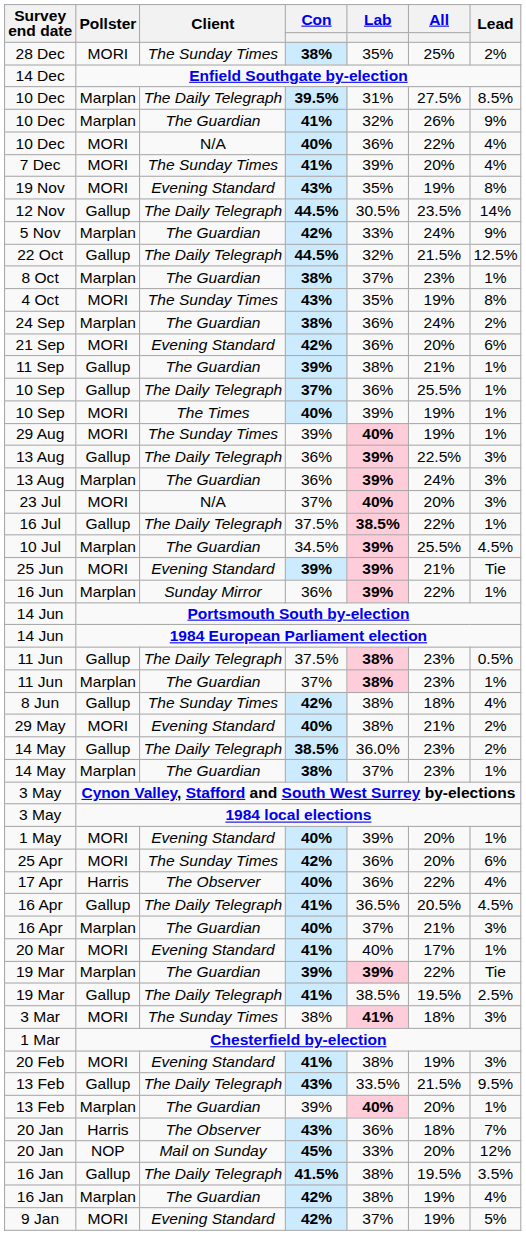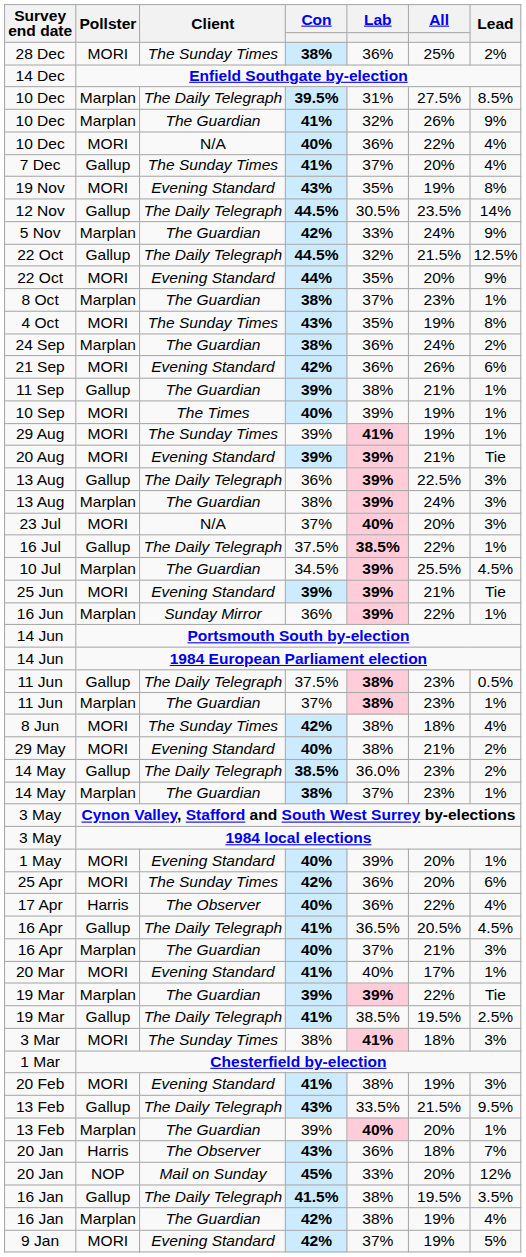 <table class="wikitable sortable mw-datatable" style="text-align:center;font-size:90%;line-height:14px;">
 <tr>
 <th rowspan="2">Survey<br>end date</th>
 <th rowspan="2">Pollster</th>
 <th rowspan="2">Client</th>
 <th class="unsortable" style="width:50px;"><a href='#'>Con</a></th>
 <th class="unsortable" style="width:50px;"><a href='#'>Lab</a></th>
 <th class="unsortable" style="width:50px;"><a href='#'>All</a></th>
 <th rowspan="2">Lead</th>
 </tr>
 <tr>
 <th style="background:"></th>
 <th style="background:"></th>
 <th style="background:"></th>
 </tr>
 <tr>
 <td>28 Dec</td>
 <td>MORI</td>
 <td><em>The Sunday Times</em></td>
 <td style="background:#CCEBFF;"><strong>38%</strong></td>
-<td>35%</td>
+<td>36%</td>
 <td>25%</td>
 <td style="background:">2%</td>
 </tr>
 <tr>
 <td>14 Dec</td>
 <td colspan="6"><a href='#'><strong>Enfield Southgate by-election</strong></a></td>
 </tr>
 <tr>
 <td>10 Dec</td>
 <td>Marplan</td>
 <td><em>The Daily Telegraph</em></td>
 <td style="background:#CCEBFF;"><strong>39.5%</strong></td>
 <td>31%</td>
 <td>27.5%</td>
 <td style="background:">8.5%</td>
 </tr>
 <tr>
 <td>10 Dec</td>
 <td>Marplan</td>
 <td><em>The Guardian</em></td>
 <td style="background:#CCEBFF;"><strong>41%</strong></td>
 <td>32%</td>
 <td>26%</td>
 <td style="background:">9%</td>
 </tr>
 <tr>
 <td>10 Dec</td>
 <td>MORI</td>
 <td>N/A</td>
 <td style="background:#CCEBFF;"><strong>40%</strong></td>
 <td>36%</td>
 <td>22%</td>
 <td style="background:">4%</td>
 </tr>
 <tr>
 <td>7 Dec</td>
-<td>MORI</td>
+<td>Gallup</td>
 <td><em>The Sunday Times</em></td>
 <td style="background:#CCEBFF;"><strong>41%</strong></td>
-<td>39%</td>
+<td>37%</td>
 <td>20%</td>
 <td style="background:">4%</td>
 </tr>
 <tr>
 <td>19 Nov</td>
 <td>MORI</td>
 <td><em>Evening Standard</em></td>
 <td style="background:#CCEBFF;"><strong>43%</strong></td>
 <td>35%</td>
 <td>19%</td>
 <td style="background:">8%</td>
 </tr>
 <tr>
 <td>12 Nov</td>
 <td>Gallup</td>
 <td><em>The Daily Telegraph</em></td>
 <td style="background:#CCEBFF;"><strong>44.5%</strong></td>
 <td>30.5%</td>
 <td>23.5%</td>
 <td style="background:">14%</td>
 </tr>
 <tr>
 <td>5 Nov</td>
 <td>Marplan</td>
 <td><em>The Guardian</em></td>
 <td style="background:#CCEBFF;"><strong>42%</strong></td>
 <td>33%</td>
 <td>24%</td>
 <td style="background:">9%</td>
 </tr>
 <tr>
 <td>22 Oct</td>
 <td>Gallup</td>
 <td><em>The Daily Telegraph</em></td>
 <td style="background:#CCEBFF;"><strong>44.5%</strong></td>
 <td>32%</td>
 <td>21.5%</td>
 <td style="background:">12.5%</td>
 </tr>
 <tr>
+<td>22 Oct</td>
+<td>MORI</td>
+<td><em>Evening Standard</em></td>
+<td style="background:#CCEBFF;"><strong>44%</strong></td>
+<td>35%</td>
+<td>20%</td>
+<td style="background:">9%</td>
+</tr>
+<tr>
 <td>8 Oct</td>
 <td>Marplan</td>
 <td><em>The Guardian</em></td>
 <td style="background:#CCEBFF;"><strong>38%</strong></td>
 <td>37%</td>
 <td>23%</td>
 <td style="background:">1%</td>
 </tr>
 <tr>
 <td>4 Oct</td>
 <td>MORI</td>
 <td><em>The Sunday Times</em></td>
 <td style="background:#CCEBFF;"><strong>43%</strong></td>
 <td>35%</td>
 <td>19%</td>
 <td style="background:">8%</td>
 </tr>
 <tr>
 <td>24 Sep</td>
 <td>Marplan</td>
 <td><em>The Guardian</em></td>
 <td style="background:#CCEBFF;"><strong>38%</strong></td>
 <td>36%</td>
 <td>24%</td>
 <td style="background:">2%</td>
 </tr>
 <tr>
 <td>21 Sep</td>
 <td>MORI</td>
 <td><em>Evening Standard</em></td>
 <td style="background:#CCEBFF;"><strong>42%</strong></td>
 <td>36%</td>
-<td>20%</td>
+<td>26%</td>
 <td style="background:">6%</td>
 </tr>
 <tr>
 <td>11 Sep</td>
 <td>Gallup</td>
 <td><em>The Guardian</em></td>
 <td style="background:#CCEBFF;"><strong>39%</strong></td>
 <td>38%</td>
 <td>21%</td>
-<td style="background:">1%</td>
-</tr>
-<tr>
-<td>10 Sep</td>
-<td>Gallup</td>
-<td><em>The Daily Telegraph</em></td>
-<td style="background:#CCEBFF;"><strong>37%</strong></td>
-<td>36%</td>
-<td>25.5%</td>
 <td style="background:">1%</td>
 </tr>
 <tr>
 <td>10 Sep</td>
 <td>MORI</td>
 <td><em>The Times</em></td>
 <td style="background:#CCEBFF;"><strong>40%</strong></td>
 <td>39%</td>
 <td>19%</td>
 <td style="background:">1%</td>
 </tr>
 <tr>
 <td>29 Aug</td>
 <td>MORI</td>
 <td><em>The Sunday Times</em></td>
 <td>39%</td>
-<td style="background:#FFCCDA;"><strong>40%</strong></td>
+<td style="background:#FFCCDA;"><strong>41%</strong></td>
 <td>19%</td>
 <td style="background:">1%</td>
+</tr>
+<tr>
+<td>20 Aug</td>
+<td>MORI</td>
+<td><em>Evening Standard</em></td>
+<td style="background:#CCEBFF;"><strong>39%</strong></td>
+<td style="background:#FFCCDA;"><strong>39%</strong></td>
+<td>21%</td>
+<td>Tie</td>
 </tr>
 <tr>
 <td>13 Aug</td>
 <td>Gallup</td>
 <td><em>The Daily Telegraph</em></td>
 <td>36%</td>
 <td style="background:#FFCCDA;"><strong>39%</strong></td>
 <td>22.5%</td>
 <td style="background:">3%</td>
 </tr>
 <tr>
 <td>13 Aug</td>
 <td>Marplan</td>
 <td><em>The Guardian</em></td>
-<td>36%</td>
+<td>38%</td>
 <td style="background:#FFCCDA;"><strong>39%</strong></td>
 <td>24%</td>
 <td style="background:">3%</td>
 </tr>
 <tr>
 <td>23 Jul</td>
 <td>MORI</td>
 <td>N/A</td>
 <td>37%</td>
 <td style="background:#FFCCDA;"><strong>40%</strong></td>
 <td>20%</td>
 <td style="background:">3%</td>
 </tr>
 <tr>
 <td>16 Jul</td>
 <td>Gallup</td>
 <td><em>The Daily Telegraph</em></td>
 <td>37.5%</td>
 <td style="background:#FFCCDA;"><strong>38.5%</strong></td>
 <td>22%</td>
 <td style="background:">1%</td>
 </tr>
 <tr>
 <td>10 Jul</td>
 <td>Marplan</td>
 <td><em>The Guardian</em></td>
 <td>34.5%</td>
 <td style="background:#FFCCDA;"><strong>39%</strong></td>
 <td>25.5%</td>
 <td style="background:">4.5%</td>
 </tr>
 <tr>
 <td>25 Jun</td>
 <td>MORI</td>
 <td><em>Evening Standard</em></td>
 <td style="background:#CCEBFF;"><strong>39%</strong></td>
 <td style="background:#FFCCDA;"><strong>39%</strong></td>
 <td>21%</td>
 <td>Tie</td>
 </tr>
 <tr>
 <td>16 Jun</td>
 <td>Marplan</td>
 <td><em>Sunday Mirror</em></td>
 <td>36%</td>
 <td style="background:#FFCCDA;"><strong>39%</strong></td>
 <td>22%</td>
 <td style="background:">1%</td>
 </tr>
 <tr>
 <td>14 Jun</td>
 <td colspan="6"><a href='#'><strong>Portsmouth South by-election</strong></a></td>
 </tr>
 <tr>
 <td>14 Jun</td>
 <td colspan="6"><strong><a href='#'>1984 European Parliament election</a></strong></td>
 </tr>
 <tr>
 <td>11 Jun</td>
 <td>Gallup</td>
 <td><em>The Daily Telegraph</em></td>
 <td>37.5%</td>
 <td style="background:#FFCCDA;"><strong>38%</strong></td>
 <td>23%</td>
 <td style="background:">0.5%</td>
 </tr>
 <tr>
 <td>11 Jun</td>
 <td>Marplan</td>
 <td><em>The Guardian</em></td>
 <td>37%</td>
 <td style="background:#FFCCDA;"><strong>38%</strong></td>
 <td>23%</td>
 <td style="background:">1%</td>
 </tr>
 <tr>
 <td>8 Jun</td>
-<td>Gallup</td>
+<td>MORI</td>
 <td><em>The Sunday Times</em></td>
 <td style="background:#CCEBFF;"><strong>42%</strong></td>
 <td>38%</td>
 <td>18%</td>
 <td style="background:">4%</td>
 </tr>
 <tr>
 <td>29 May</td>
 <td>MORI</td>
 <td><em>Evening Standard</em></td>
 <td style="background:#CCEBFF;"><strong>40%</strong></td>
 <td>38%</td>
 <td>21%</td>
 <td style="background:">2%</td>
 </tr>
 <tr>
 <td>14 May</td>
 <td>Gallup</td>
 <td><em>The Daily Telegraph</em></td>
 <td style="background:#CCEBFF;"><strong>38.5%</strong></td>
 <td>36.0%</td>
 <td>23%</td>
 <td style="background:">2%</td>
 </tr>
 <tr>
 <td>14 May</td>
 <td>Marplan</td>
 <td><em>The Guardian</em></td>
 <td style="background:#CCEBFF;"><strong>38%</strong></td>
 <td>37%</td>
 <td>23%</td>
 <td style="background:">1%</td>
 </tr>
 <tr>
 <td>3 May</td>
 <td colspan="6"><strong><a href='#'>Cynon Valley</a>, <a href='#'>Stafford</a> and <a href='#'>South West Surrey</a> by-elections</strong></td>
 </tr>
 <tr>
 <td>3 May</td>
 <td colspan="6"><a href='#'><strong>1984 local elections</strong></a></td>
 </tr>
 <tr>
 <td>1 May</td>
 <td>MORI</td>
 <td><em>Evening Standard</em></td>
 <td style="background:#CCEBFF;"><strong>40%</strong></td>
 <td>39%</td>
 <td>20%</td>
 <td style="background:">1%</td>
 </tr>
 <tr>
 <td>25 Apr</td>
 <td>MORI</td>
 <td><em>The Sunday Times</em></td>
 <td style="background:#CCEBFF;"><strong>42%</strong></td>
 <td>36%</td>
 <td>20%</td>
 <td style="background:">6%</td>
 </tr>
 <tr>
 <td>17 Apr</td>
 <td>Harris</td>
 <td><em>The Observer</em></td>
 <td style="background:#CCEBFF;"><strong>40%</strong></td>
 <td>36%</td>
 <td>22%</td>
 <td style="background:">4%</td>
 </tr>
 <tr>
 <td>16 Apr</td>
 <td>Gallup</td>
 <td><em>The Daily Telegraph</em></td>
 <td style="background:#CCEBFF;"><strong>41%</strong></td>
 <td>36.5%</td>
 <td>20.5%</td>
 <td style="background:">4.5%</td>
 </tr>
 <tr>
 <td>16 Apr</td>
 <td>Marplan</td>
 <td><em>The Guardian</em></td>
 <td style="background:#CCEBFF;"><strong>40%</strong></td>
 <td>37%</td>
 <td>21%</td>
 <td style="background:">3%</td>
 </tr>
 <tr>
 <td>20 Mar</td>
 <td>MORI</td>
 <td><em>Evening Standard</em></td>
 <td style="background:#CCEBFF;"><strong>41%</strong></td>
 <td>40%</td>
 <td>17%</td>
 <td style="background:">1%</td>
 </tr>
 <tr>
 <td>19 Mar</td>
 <td>Marplan</td>
 <td><em>The Guardian</em></td>
 <td style="background:#CCEBFF;"><strong>39%</strong></td>
 <td style="background:#FFCCDA;"><strong>39%</strong></td>
 <td>22%</td>
 <td>Tie</td>
 </tr>
 <tr>
 <td>19 Mar</td>
 <td>Gallup</td>
 <td><em>The Daily Telegraph</em></td>
 <td style="background:#CCEBFF;"><strong>41%</strong></td>
 <td>38.5%</td>
 <td>19.5%</td>
 <td style="background:">2.5%</td>
 </tr>
 <tr>
 <td>3 Mar</td>
 <td>MORI</td>
 <td><em>The Sunday Times</em></td>
 <td>38%</td>
 <td style="background:#FFCCDA;"><strong>41%</strong></td>
 <td>18%</td>
 <td style="background:">3%</td>
 </tr>
 <tr>
 <td>1 Mar</td>
 <td colspan="6"><a href='#'><strong>Chesterfield by-election</strong></a></td>
 </tr>
 <tr>
 <td>20 Feb</td>
 <td>MORI</td>
 <td><em>Evening Standard</em></td>
 <td style="background:#CCEBFF;"><strong>41%</strong></td>
 <td>38%</td>
 <td>19%</td>
 <td style="background:">3%</td>
 </tr>
 <tr>
 <td>13 Feb</td>
 <td>Gallup</td>
 <td><em>The Daily Telegraph</em></td>
 <td style="background:#CCEBFF;"><strong>43%</strong></td>
 <td>33.5%</td>
 <td>21.5%</td>
 <td style="background:">9.5%</td>
 </tr>
 <tr>
 <td>13 Feb</td>
 <td>Marplan</td>
 <td><em>The Guardian</em></td>
 <td>39%</td>
 <td style="background:#FFCCDA;"><strong>40%</strong></td>
 <td>20%</td>
 <td style="background:">1%</td>
 </tr>
 <tr>
 <td>20 Jan</td>
 <td>Harris</td>
 <td><em>The Observer</em></td>
 <td style="background:#CCEBFF;"><strong>43%</strong></td>
 <td>36%</td>
 <td>18%</td>
 <td style="background:">7%</td>
 </tr>
 <tr>
 <td>20 Jan</td>
 <td>NOP</td>
 <td><em>Mail on Sunday</em></td>
 <td style="background:#CCEBFF;"><strong>45%</strong></td>
 <td>33%</td>
 <td>20%</td>
 <td style="background:">12%</td>
 </tr>
 <tr>
 <td>16 Jan</td>
 <td>Gallup</td>
 <td><em>The Daily Telegraph</em></td>
 <td style="background:#CCEBFF;"><strong>41.5%</strong></td>
 <td>38%</td>
 <td>19.5%</td>
 <td style="background:">3.5%</td>
 </tr>
 <tr>
 <td>16 Jan</td>
 <td>Marplan</td>
 <td><em>The Guardian</em></td>
 <td style="background:#CCEBFF;"><strong>42%</strong></td>
 <td>38%</td>
 <td>19%</td>
 <td style="background:">4%</td>
 </tr>
 <tr>
 <td>9 Jan</td>
 <td>MORI</td>
 <td><em>Evening Standard</em></td>
 <td style="background:#CCEBFF;"><strong>42%</strong></td>
 <td>37%</td>
 <td>19%</td>
 <td style="background:">5%</td>
 </tr>
 </table>
